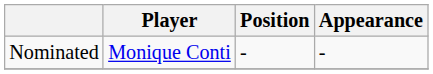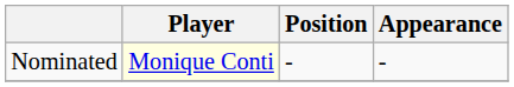 <table class="wikitable">
 <tr>
 <th></th>
 <th>Player</th>
 <th>Position</th>
 <th>Appearance</th>
 </tr>
 <tr>
 <td>Nominated</td>
-<td><a href='#'>Monique Conti</a></td>
+<td style="background: lightyellow;"><a href='#'>Monique Conti</a></td>
 <td>-</td>
 <td>-</td>
 </tr>
 <tr>
 </tr>
 </table>
